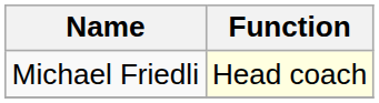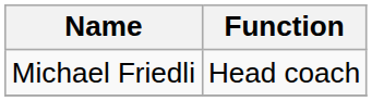 <table class="wikitable">
 <tr>
 <th>Name</th>
 <th>Function</th>
 </tr>
 <tr>
 <td>Michael Friedli</td>
-<td style="background: lightyellow;">Head coach</td>
+<td>Head coach</td>
 </tr>
 <tr>
 </tr>
 </table>
